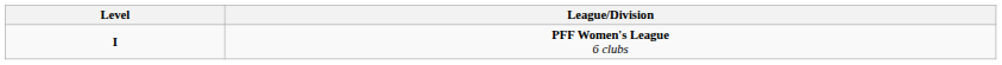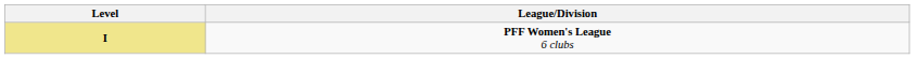 <table class="wikitable" style="text-align: center;" width="100%">
 <tr>
 <th>Level</th>
 <th>League/Division</th>
 </tr>
 <tr>
-<td><strong>I</strong></td>
+<td style="background: khaki;"><strong>I</strong></td>
 <td><strong>PFF Women's League</strong><br><em>6 clubs</em></td>
 </tr>
 </table>
